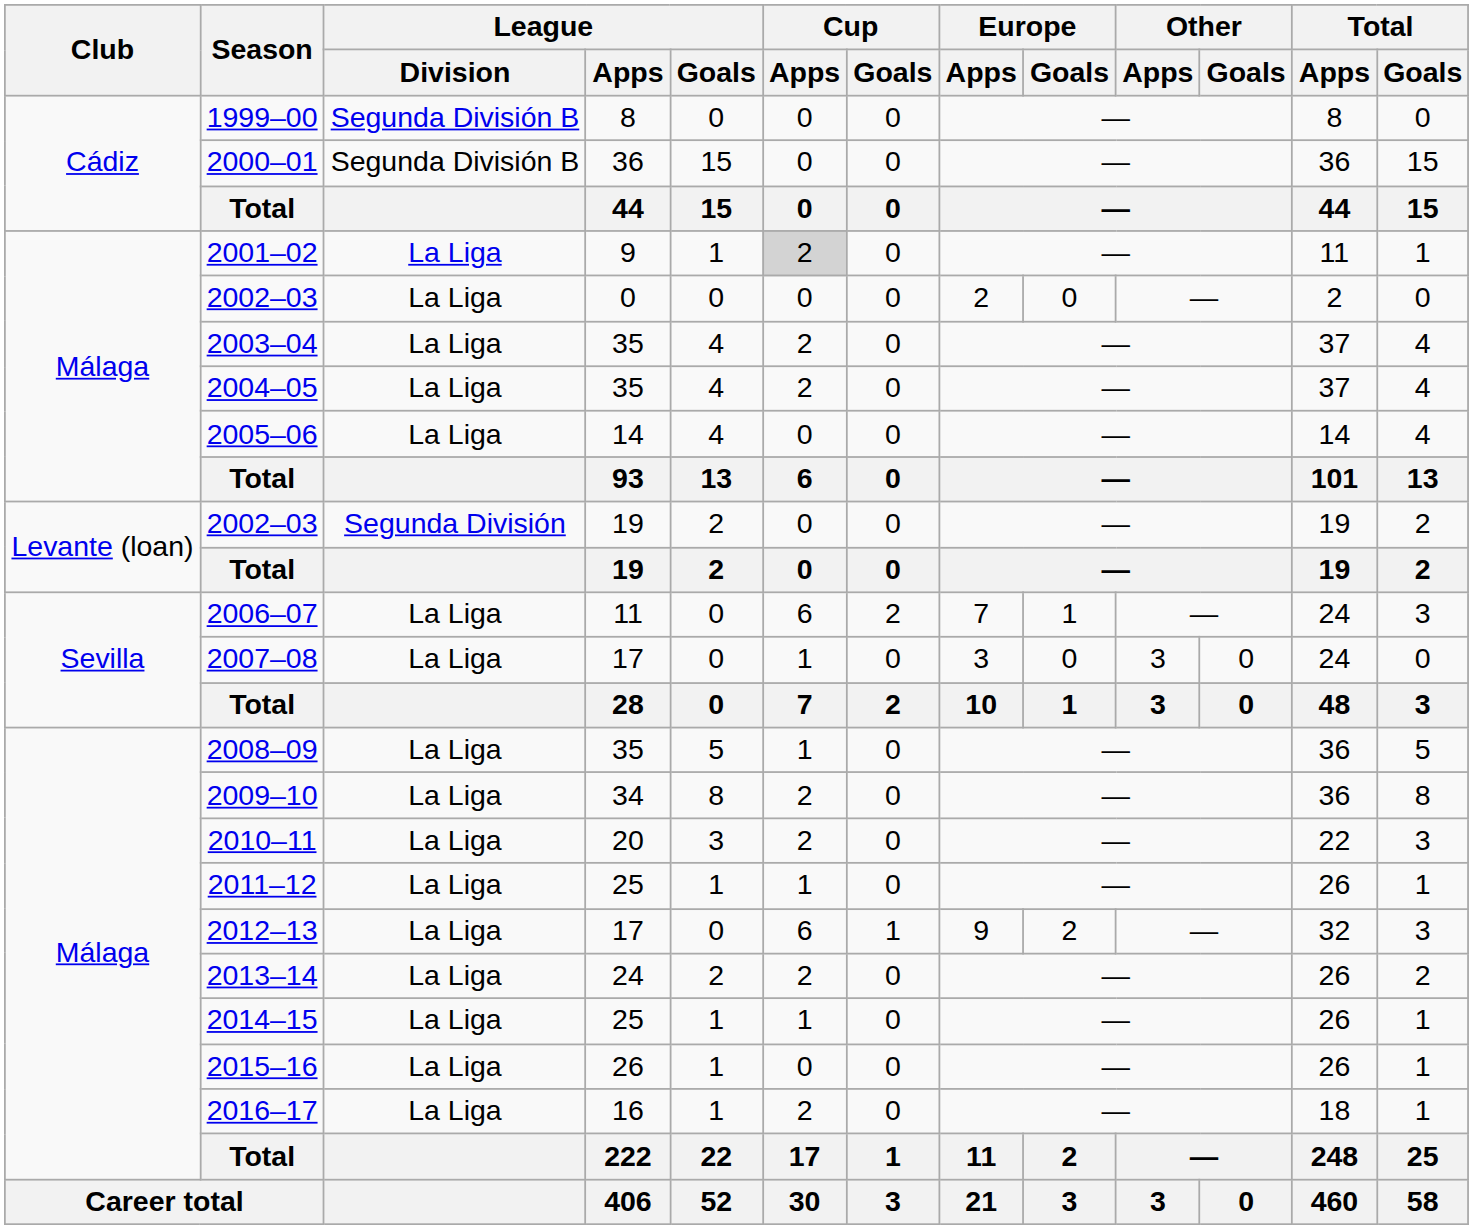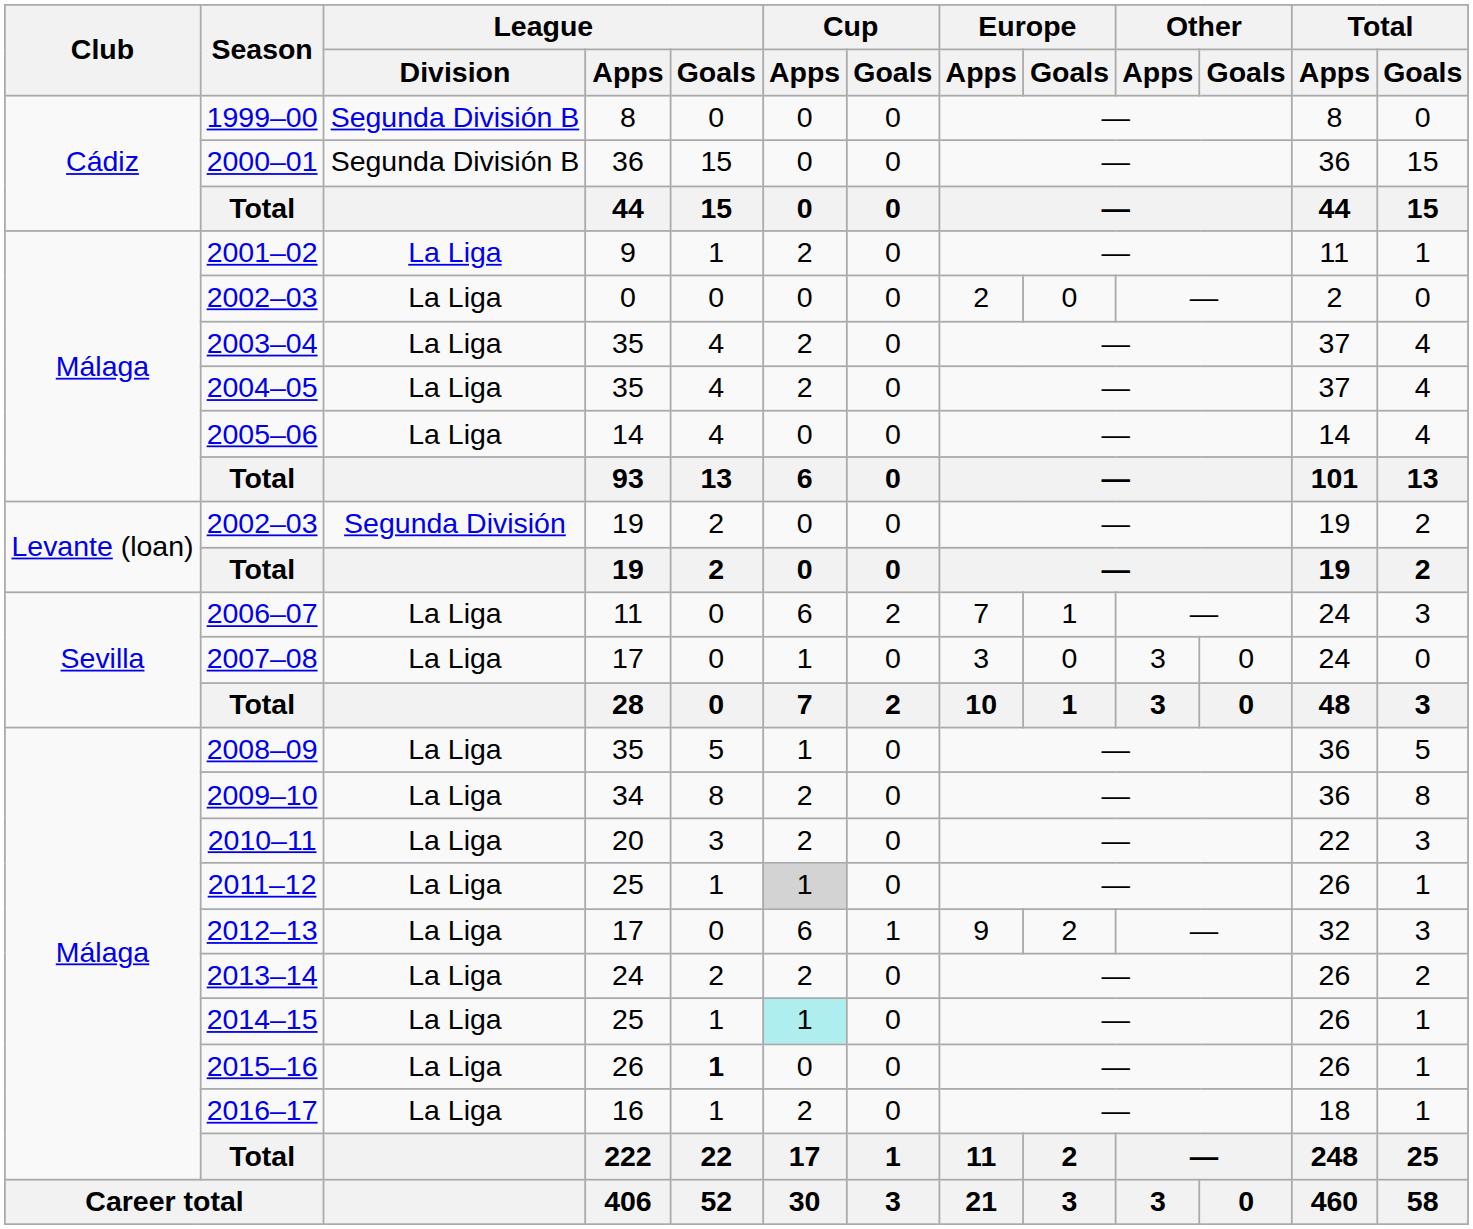 <table class="wikitable" style="text-align: center">
 <tr>
 <th rowspan="2">Club</th>
 <th rowspan="2">Season</th>
 <th colspan="3">League</th>
 <th colspan="2">Cup</th>
 <th colspan="2">Europe</th>
 <th colspan="2">Other</th>
 <th colspan="2">Total</th>
 </tr>
 <tr>
 <th>Division</th>
 <th>Apps</th>
 <th>Goals</th>
 <th>Apps</th>
 <th>Goals</th>
 <th>Apps</th>
 <th>Goals</th>
 <th>Apps</th>
 <th>Goals</th>
 <th>Apps</th>
 <th>Goals</th>
 </tr>
 <tr>
 <td rowspan="3"><a href='#'>Cádiz</a></td>
 <td><a href='#'>1999–00</a></td>
 <td><a href='#'>Segunda División B</a></td>
 <td>8</td>
 <td>0</td>
 <td>0</td>
 <td>0</td>
 <td colspan="4">—</td>
 <td>8</td>
 <td>0</td>
 </tr>
 <tr>
 <td><a href='#'>2000–01</a></td>
 <td>Segunda División B</td>
 <td>36</td>
 <td>15</td>
 <td>0</td>
 <td>0</td>
 <td colspan="4">—</td>
 <td>36</td>
 <td>15</td>
 </tr>
 <tr>
 <th>Total</th>
 <th></th>
 <th>44</th>
 <th>15</th>
 <th>0</th>
 <th>0</th>
 <th colspan="4">—</th>
 <th>44</th>
 <th>15</th>
 </tr>
 <tr>
 <td rowspan="6"><a href='#'>Málaga</a></td>
 <td><a href='#'>2001–02</a></td>
 <td><a href='#'>La Liga</a></td>
 <td>9</td>
 <td>1</td>
-<td style="background: lightgrey;">2</td>
+<td>2</td>
 <td>0</td>
 <td colspan="4">—</td>
 <td>11</td>
 <td>1</td>
 </tr>
 <tr>
 <td><a href='#'>2002–03</a></td>
 <td>La Liga</td>
 <td>0</td>
 <td>0</td>
 <td>0</td>
 <td>0</td>
 <td>2</td>
 <td>0</td>
 <td colspan="2">—</td>
 <td>2</td>
 <td>0</td>
 </tr>
 <tr>
 <td><a href='#'>2003–04</a></td>
 <td>La Liga</td>
 <td>35</td>
 <td>4</td>
 <td>2</td>
 <td>0</td>
 <td colspan="4">—</td>
 <td>37</td>
 <td>4</td>
 </tr>
 <tr>
 <td><a href='#'>2004–05</a></td>
 <td>La Liga</td>
 <td>35</td>
 <td>4</td>
 <td>2</td>
 <td>0</td>
 <td colspan="4">—</td>
 <td>37</td>
 <td>4</td>
 </tr>
 <tr>
 <td><a href='#'>2005–06</a></td>
 <td>La Liga</td>
 <td>14</td>
 <td>4</td>
 <td>0</td>
 <td>0</td>
 <td colspan="4">—</td>
 <td>14</td>
 <td>4</td>
 </tr>
 <tr>
 <th>Total</th>
 <th></th>
 <th>93</th>
 <th>13</th>
 <th>6</th>
 <th>0</th>
 <th colspan="4">—</th>
 <th>101</th>
 <th>13</th>
 </tr>
 <tr>
 <td rowspan="2"><a href='#'>Levante</a> (loan)</td>
 <td><a href='#'>2002–03</a></td>
 <td><a href='#'>Segunda División</a></td>
 <td>19</td>
 <td>2</td>
 <td>0</td>
 <td>0</td>
 <td colspan="4">—</td>
 <td>19</td>
 <td>2</td>
 </tr>
 <tr>
 <th>Total</th>
 <th></th>
 <th>19</th>
 <th>2</th>
 <th>0</th>
 <th>0</th>
 <th colspan="4">—</th>
 <th>19</th>
 <th>2</th>
 </tr>
 <tr>
 <td rowspan="3"><a href='#'>Sevilla</a></td>
 <td><a href='#'>2006–07</a></td>
 <td>La Liga</td>
 <td>11</td>
 <td>0</td>
 <td>6</td>
 <td>2</td>
 <td>7</td>
 <td>1</td>
 <td colspan="2">—</td>
 <td>24</td>
 <td>3</td>
 </tr>
 <tr>
 <td><a href='#'>2007–08</a></td>
 <td>La Liga</td>
 <td>17</td>
 <td>0</td>
 <td>1</td>
 <td>0</td>
 <td>3</td>
 <td>0</td>
 <td>3</td>
 <td>0</td>
 <td>24</td>
 <td>0</td>
 </tr>
 <tr>
 <th>Total</th>
 <th></th>
 <th>28</th>
 <th>0</th>
 <th>7</th>
 <th>2</th>
 <th>10</th>
 <th>1</th>
 <th>3</th>
 <th>0</th>
 <th>48</th>
 <th>3</th>
 </tr>
 <tr>
 <td rowspan="10"><a href='#'>Málaga</a></td>
 <td><a href='#'>2008–09</a></td>
 <td>La Liga</td>
 <td>35</td>
 <td>5</td>
 <td>1</td>
 <td>0</td>
 <td colspan="4">—</td>
 <td>36</td>
 <td>5</td>
 </tr>
 <tr>
 <td><a href='#'>2009–10</a></td>
 <td>La Liga</td>
 <td>34</td>
 <td>8</td>
 <td>2</td>
 <td>0</td>
 <td colspan="4">—</td>
 <td>36</td>
 <td>8</td>
 </tr>
 <tr>
 <td><a href='#'>2010–11</a></td>
 <td>La Liga</td>
 <td>20</td>
 <td>3</td>
 <td>2</td>
 <td>0</td>
 <td colspan="4">—</td>
 <td>22</td>
 <td>3</td>
 </tr>
 <tr>
 <td><a href='#'>2011–12</a></td>
 <td>La Liga</td>
 <td>25</td>
 <td>1</td>
-<td>1</td>
+<td style="background: lightgrey;">1</td>
 <td>0</td>
 <td colspan="4">—</td>
 <td>26</td>
 <td>1</td>
 </tr>
 <tr>
 <td><a href='#'>2012–13</a></td>
 <td>La Liga</td>
 <td>17</td>
 <td>0</td>
 <td>6</td>
 <td>1</td>
 <td>9</td>
 <td>2</td>
 <td colspan="2">—</td>
 <td>32</td>
 <td>3</td>
 </tr>
 <tr>
 <td><a href='#'>2013–14</a></td>
 <td>La Liga</td>
 <td>24</td>
 <td>2</td>
 <td>2</td>
 <td>0</td>
 <td colspan="4">—</td>
 <td>26</td>
 <td>2</td>
 </tr>
 <tr>
 <td><a href='#'>2014–15</a></td>
 <td>La Liga</td>
 <td>25</td>
 <td>1</td>
-<td>1</td>
+<td style="background: paleturquoise;">1</td>
 <td>0</td>
 <td colspan="4">—</td>
 <td>26</td>
 <td>1</td>
 </tr>
 <tr>
 <td><a href='#'>2015–16</a></td>
 <td>La Liga</td>
 <td>26</td>
-<td>1</td>
+<td><strong>1</strong></td>
 <td>0</td>
 <td>0</td>
 <td colspan="4">—</td>
 <td>26</td>
 <td>1</td>
 </tr>
 <tr>
 <td><a href='#'>2016–17</a></td>
 <td>La Liga</td>
 <td>16</td>
 <td>1</td>
 <td>2</td>
 <td>0</td>
 <td colspan="4">—</td>
 <td>18</td>
 <td>1</td>
 </tr>
 <tr>
 <th>Total</th>
 <th></th>
 <th>222</th>
 <th>22</th>
 <th>17</th>
 <th>1</th>
 <th>11</th>
 <th>2</th>
 <th colspan="2">—</th>
 <th>248</th>
 <th>25</th>
 </tr>
 <tr>
 <th colspan="2">Career total</th>
 <th></th>
 <th>406</th>
 <th>52</th>
 <th>30</th>
 <th>3</th>
 <th>21</th>
 <th>3</th>
 <th>3</th>
 <th>0</th>
 <th>460</th>
 <th>58</th>
 </tr>
 </table>
